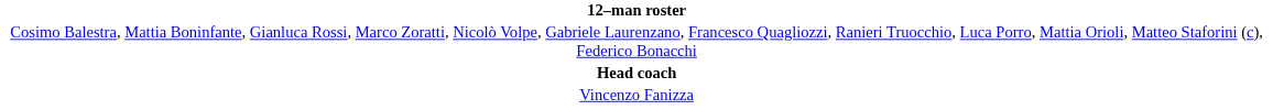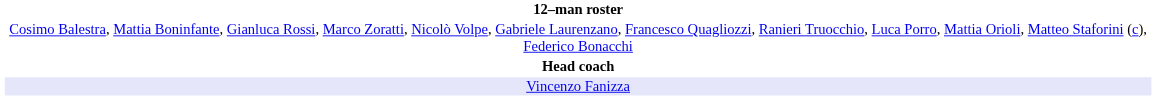 <table style="text-align:center; margin-top:2em; margin-left:auto; margin-right:auto">
 <tr>
 <td><strong>12–man roster</strong></td>
 </tr>
 <tr>
 <td><a href='#'>Cosimo Balestra</a>, <a href='#'>Mattia Boninfante</a>, <a href='#'>Gianluca Rossi</a>, <a href='#'>Marco Zoratti</a>, <a href='#'>Nicolò Volpe</a>, <a href='#'>Gabriele Laurenzano</a>, <a href='#'>Francesco Quagliozzi</a>, <a href='#'>Ranieri Truocchio</a>, <a href='#'>Luca Porro</a>, <a href='#'>Mattia Orioli</a>, <a href='#'>Matteo Staforini</a> (<a href='#'>c</a>), <a href='#'>Federico Bonacchi</a></td>
 </tr>
 <tr>
 <td><strong>Head coach</strong></td>
 </tr>
 <tr>
-<td><a href='#'>Vincenzo Fanizza</a></td>
+<td style="background: lavender;"><a href='#'>Vincenzo Fanizza</a></td>
 </tr>
 </table>
